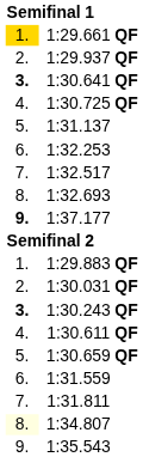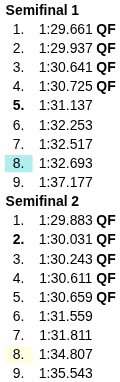 <table style="text-align:center">
 <tr>
 <td colspan=4 align=left><strong>Semifinal 1</strong></td>
 </tr>
 <tr>
-<td width=30 style="background: gold;">1.</td>
+<td width=30>1.</td>
 <td align=left></td>
 <td width=60>1:29.661</td>
 <td><strong>QF</strong></td>
 </tr>
 <tr>
 <td>2.</td>
 <td align=left></td>
 <td>1:29.937</td>
 <td><strong>QF</strong></td>
 </tr>
 <tr>
-<td><strong>3.</strong></td>
+<td>3.</td>
 <td align=left></td>
 <td>1:30.641</td>
 <td><strong>QF</strong></td>
 </tr>
 <tr>
 <td>4.</td>
 <td align=left></td>
 <td>1:30.725</td>
 <td><strong>QF</strong></td>
 </tr>
 <tr>
-<td>5.</td>
+<td><strong>5.</strong></td>
 <td align=left></td>
 <td>1:31.137</td>
 <td></td>
 </tr>
 <tr>
 <td>6.</td>
 <td align=left></td>
 <td>1:32.253</td>
 <td></td>
 </tr>
 <tr>
 <td>7.</td>
 <td align=left></td>
 <td>1:32.517</td>
 <td></td>
 </tr>
 <tr>
-<td>8.</td>
+<td style="background: paleturquoise;">8.</td>
 <td align=left></td>
 <td>1:32.693</td>
 <td></td>
 </tr>
 <tr>
-<td><strong>9.</strong></td>
+<td>9.</td>
 <td align=left></td>
 <td>1:37.177</td>
 <td></td>
 </tr>
 <tr>
 <td colspan=4 align=left><strong>Semifinal 2</strong></td>
 </tr>
 <tr>
 <td width=30>1.</td>
 <td align=left></td>
 <td width=60>1:29.883</td>
 <td><strong>QF</strong></td>
 </tr>
 <tr>
-<td>2.</td>
+<td><strong>2.</strong></td>
 <td align=left></td>
 <td>1:30.031</td>
 <td><strong>QF</strong></td>
 </tr>
 <tr>
-<td><strong>3.</strong></td>
+<td>3.</td>
 <td align=left></td>
 <td>1:30.243</td>
 <td><strong>QF</strong></td>
 </tr>
 <tr>
 <td>4.</td>
 <td align=left></td>
 <td>1:30.611</td>
 <td><strong>QF</strong></td>
 </tr>
 <tr>
 <td>5.</td>
 <td align=left></td>
 <td>1:30.659</td>
 <td><strong>QF</strong></td>
 </tr>
 <tr>
 <td>6.</td>
 <td align=left></td>
 <td>1:31.559</td>
 <td></td>
 </tr>
 <tr>
 <td>7.</td>
 <td align=left></td>
 <td>1:31.811</td>
 <td></td>
 </tr>
 <tr>
 <td style="background: lightyellow;">8.</td>
 <td align=left></td>
 <td>1:34.807</td>
 <td></td>
 </tr>
 <tr>
 <td>9.</td>
 <td align=left></td>
 <td>1:35.543</td>
 <td></td>
 </tr>
 </table>
